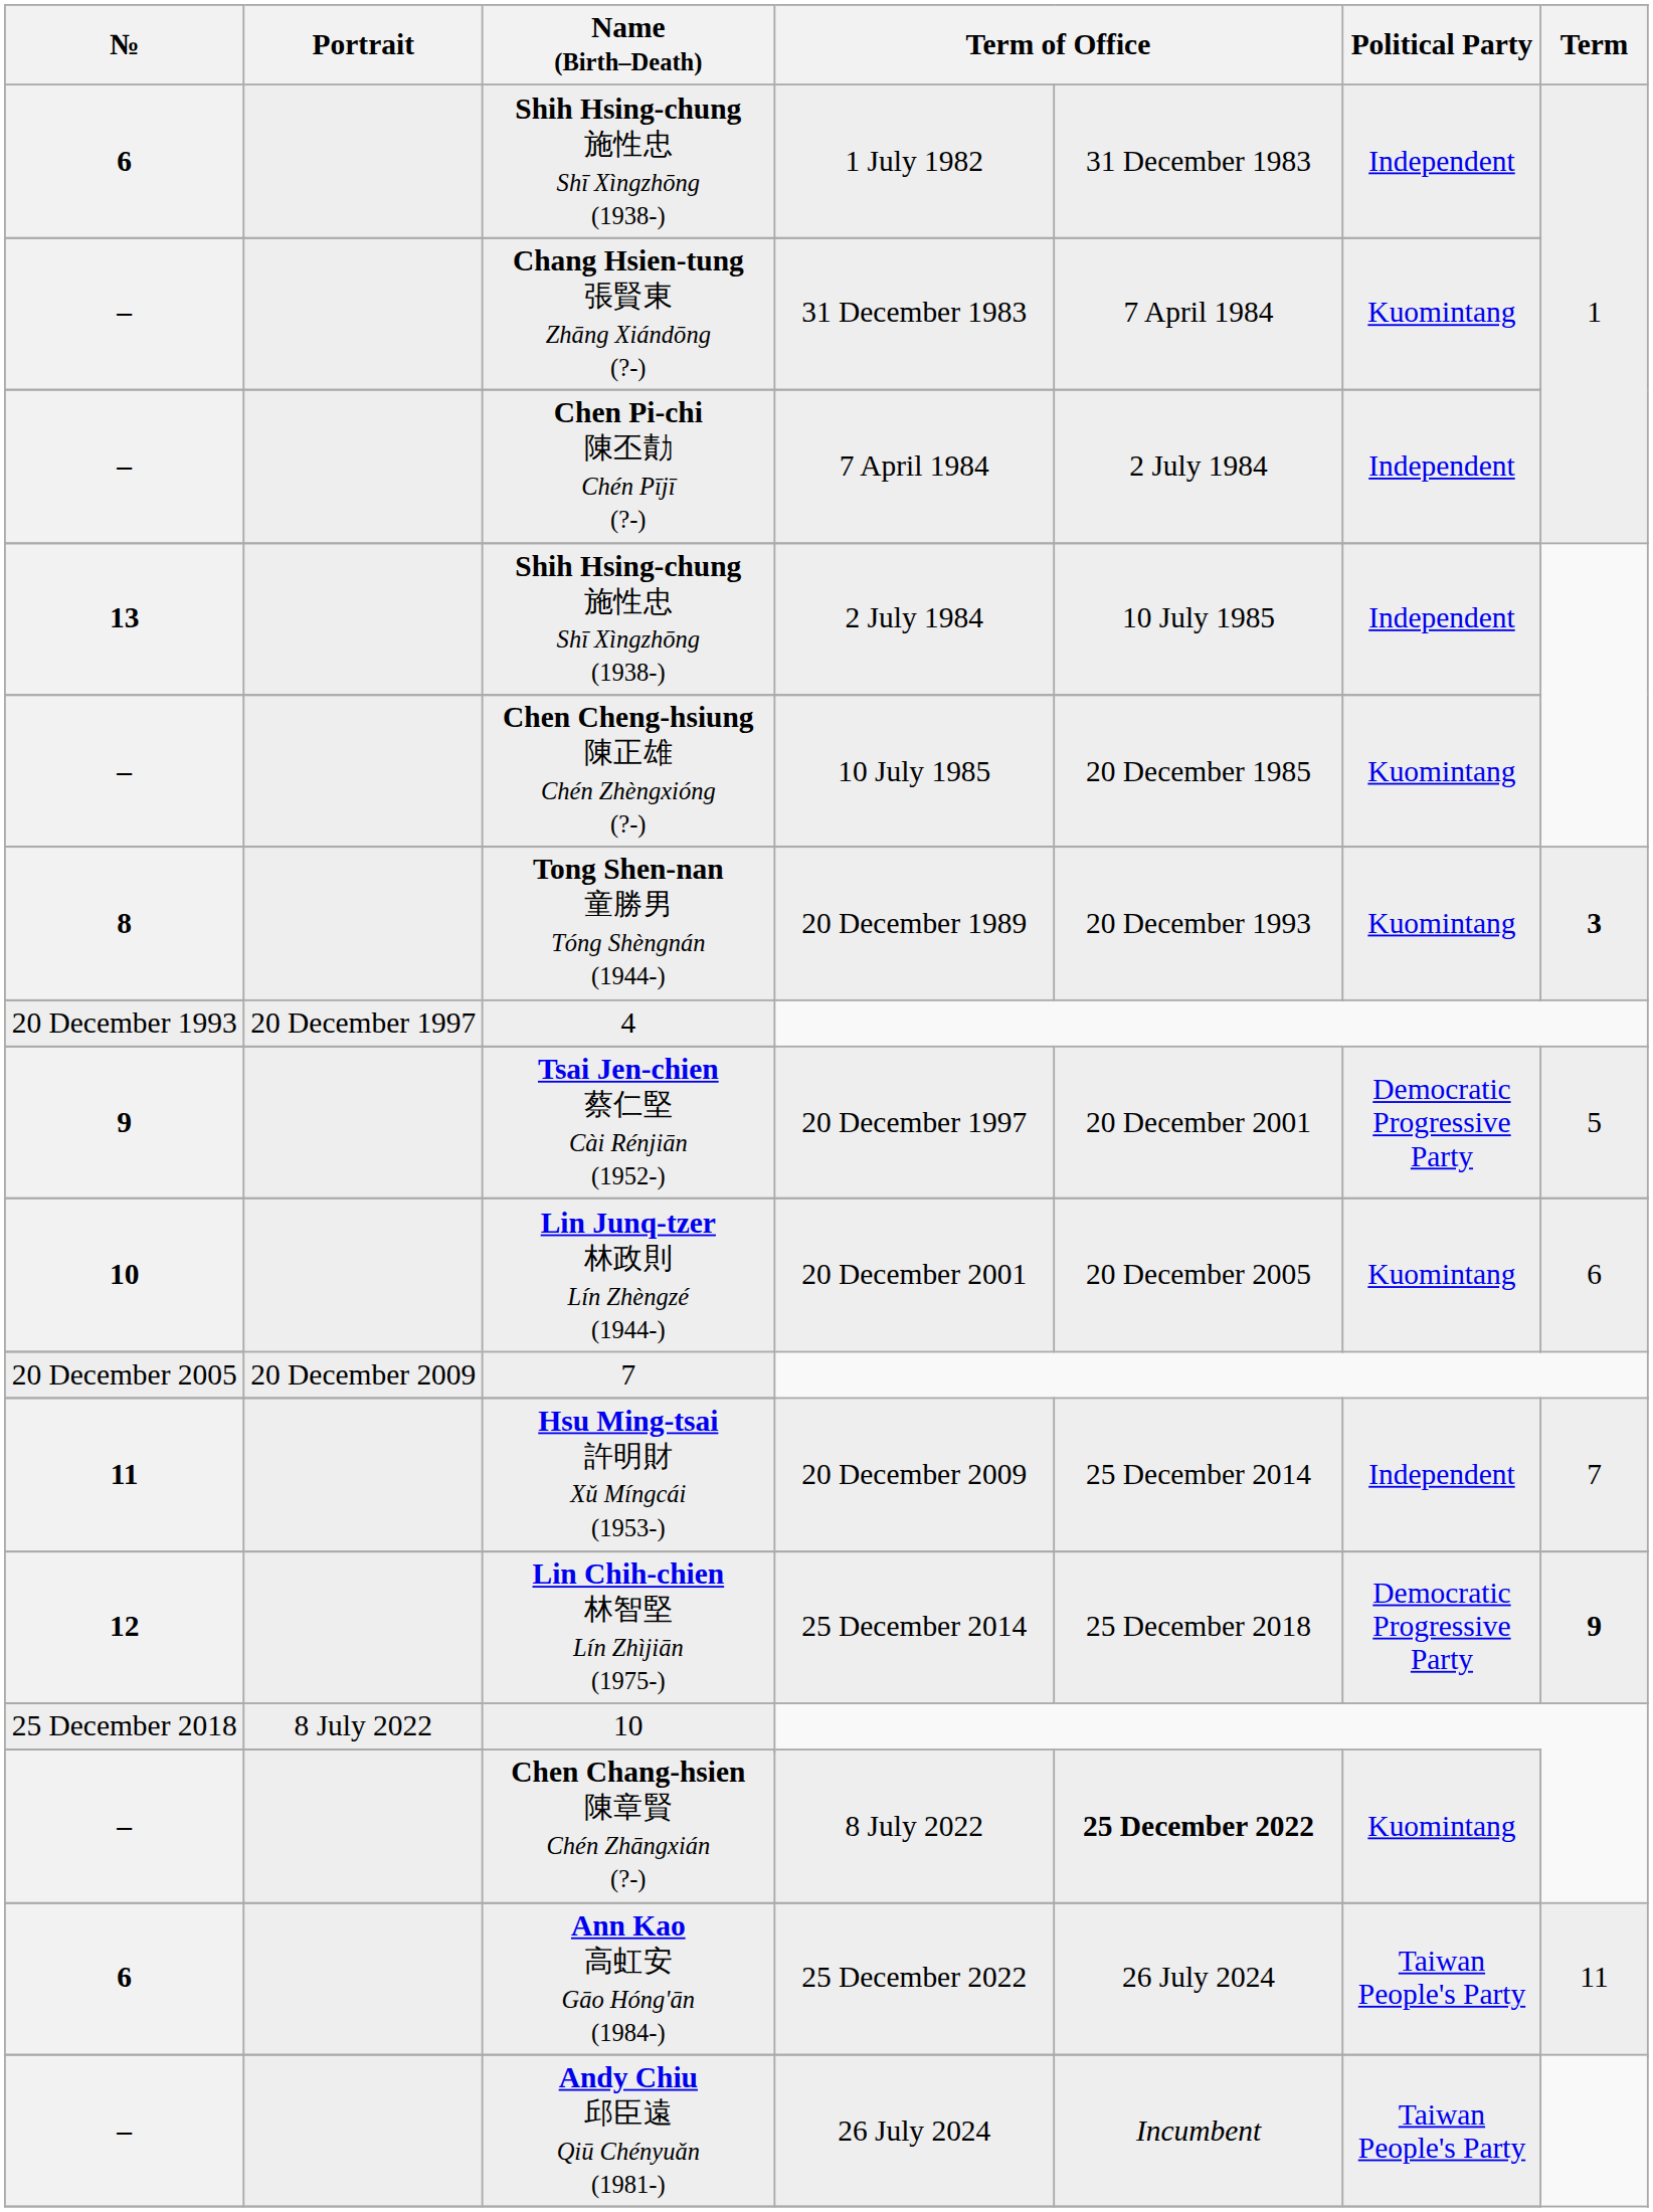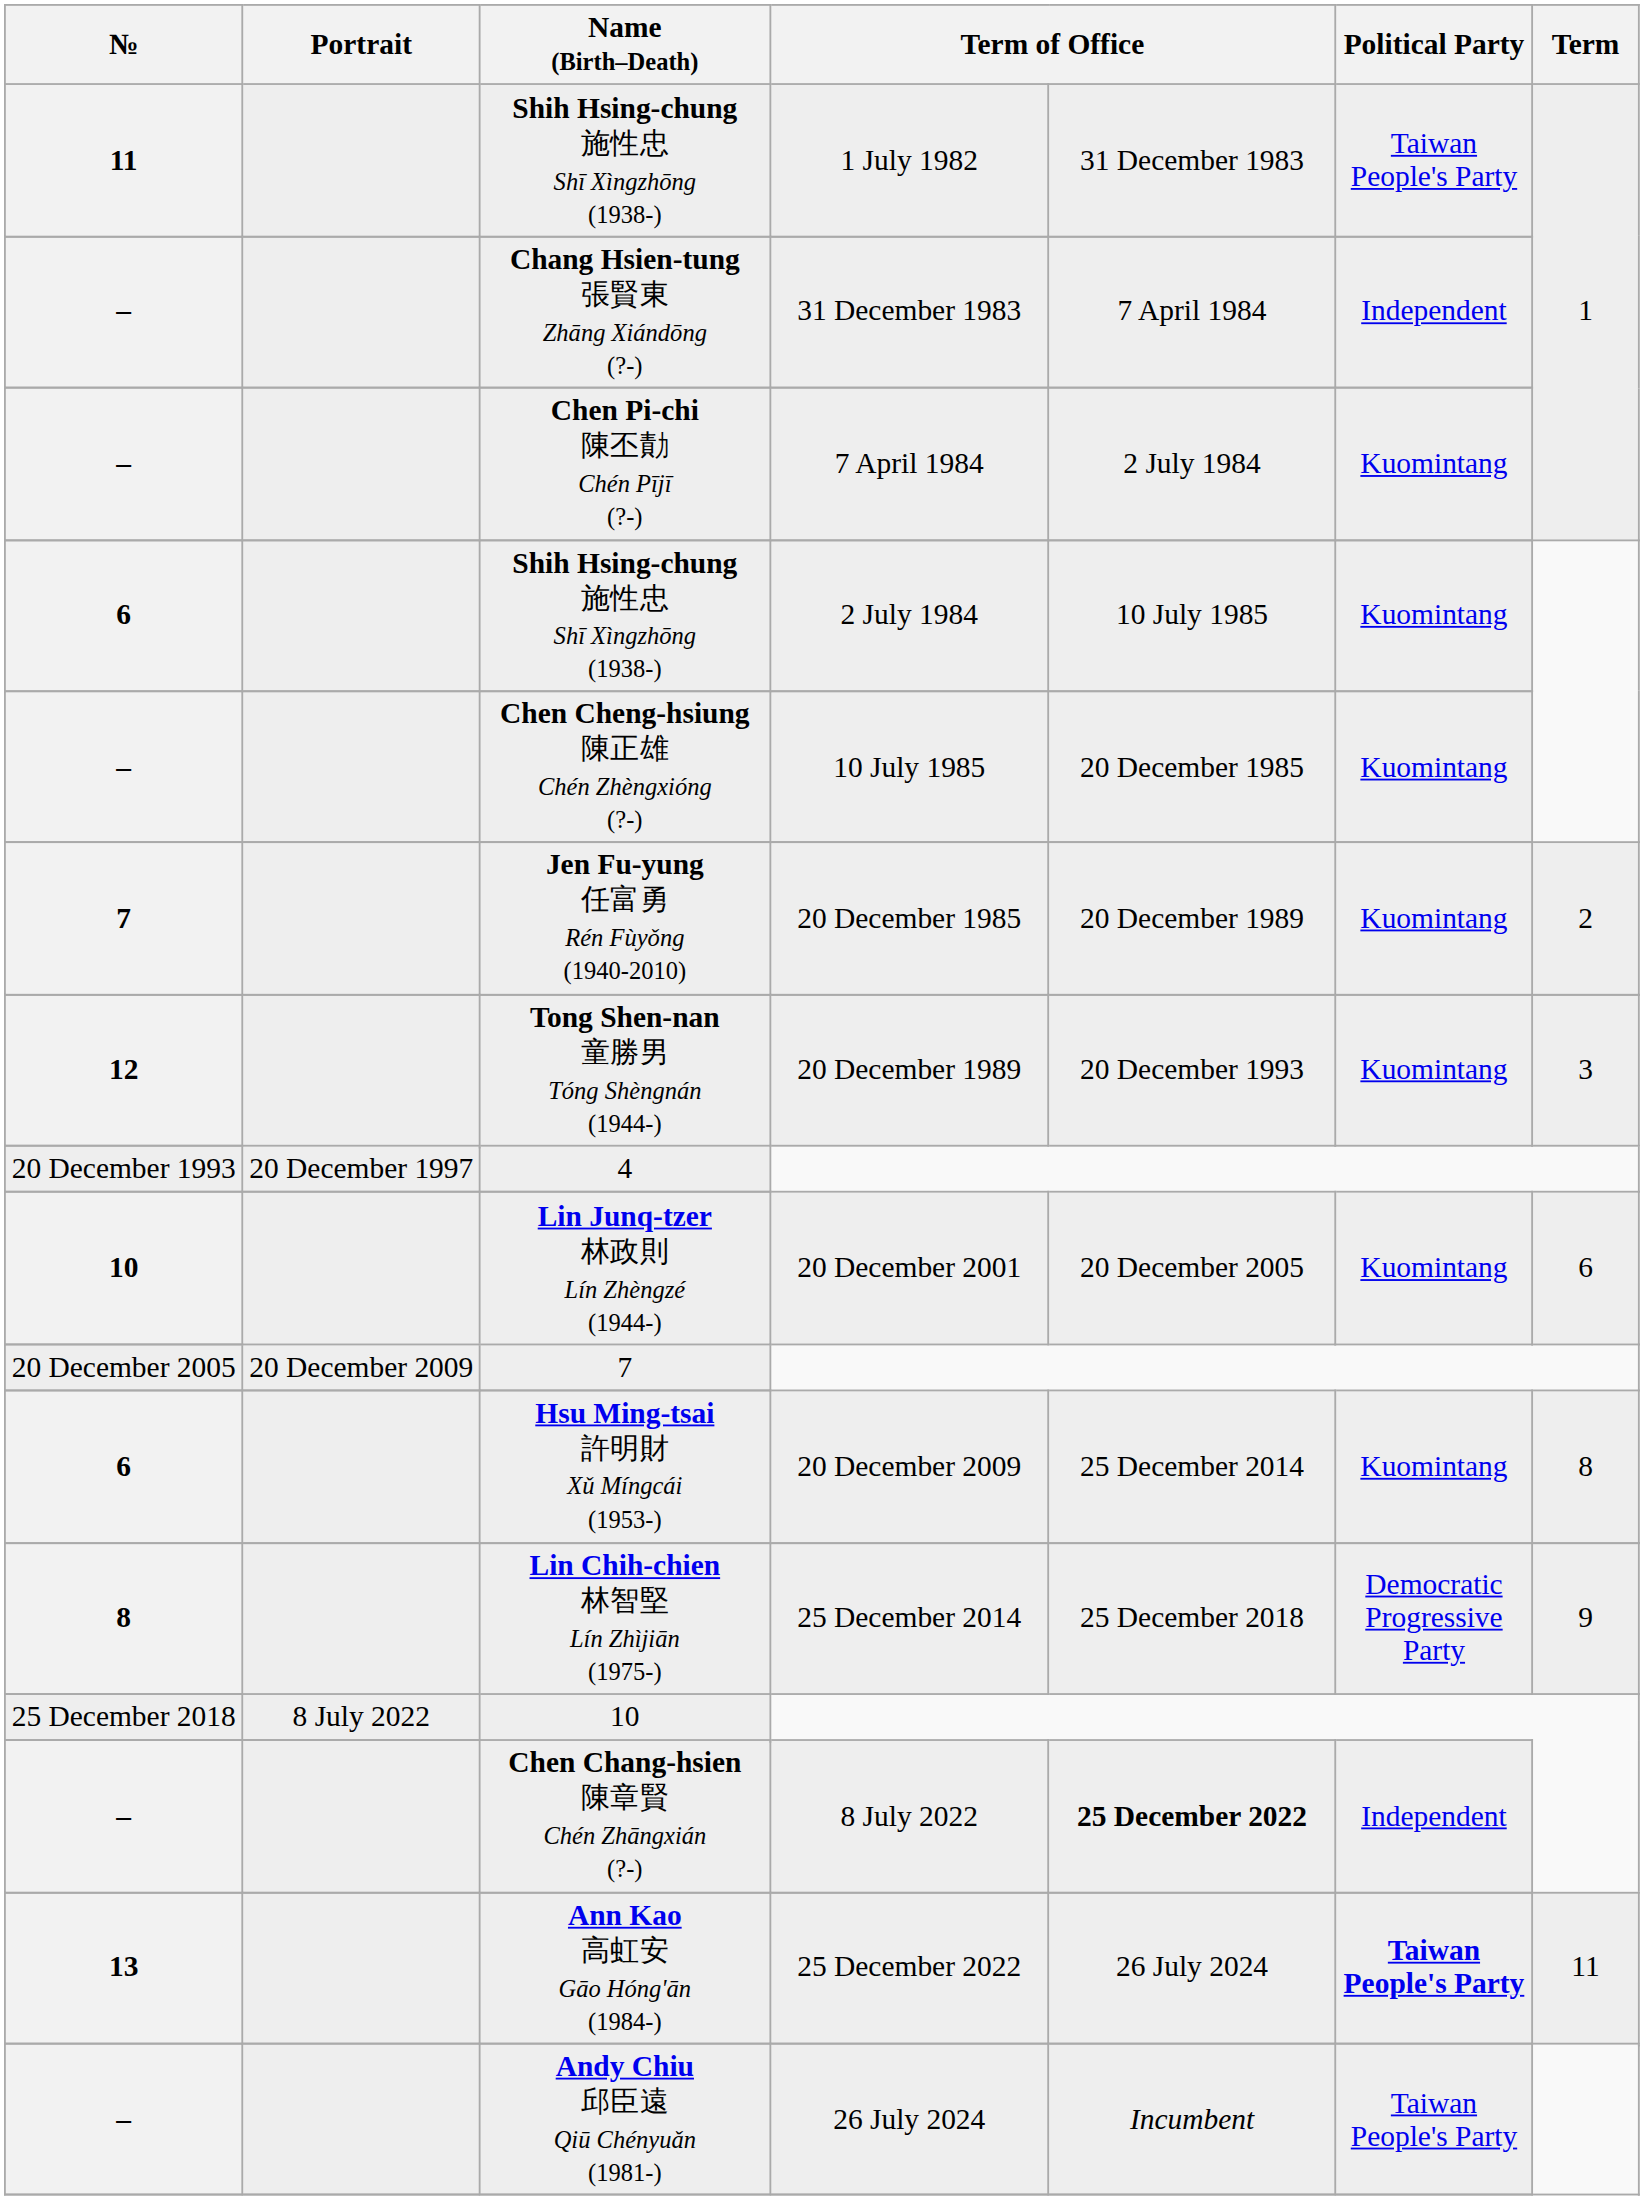 <table class="wikitable" style="text-align:center">
 <tr ->
 <th>№</th>
 <th>Portrait</th>
 <th width="150">Name<br><small>(Birth–Death)</small></th>
 <th colspan=2 width="300">Term of Office</th>
 <th width="100">Political Party</th>
 <th width = "50">Term</th>
 </tr>
 <tr - bgcolor=#EEEEEE>
-<th style="background:">6</th>
+<th style="background:">11</th>
 <td align=center></td>
 <td><strong>Shih Hsing-chung</strong><br><span>施性忠</span><br><small><em>Shī Xìngzhōng </em><br>(1938-)</small></td>
 <td>1 July 1982</td>
 <td>31 December 1983</td>
-<td><a href='#'>Independent</a></td>
+<td><a href='#'>Taiwan People's Party</a></td>
 <td rowspan=5>1</td>
 </tr>
 <tr ->
 </tr>
 <tr - bgcolor=#EEEEEE>
 <th style="background:">–</th>
 <td align=center></td>
 <td><strong>Chang Hsien-tung</strong><br><span>張賢東 </span><br><small><em>Zhāng Xiándōng  </em><br>(?-)</small></td>
 <td>31 December 1983</td>
 <td>7 April 1984</td>
-<td><a href='#'>Kuomintang</a></td>
+<td><a href='#'>Independent</a></td>
 </tr>
 <tr ->
 </tr>
 <tr - bgcolor=#EEEEEE>
 <th style="background:">–</th>
 <td align=center></td>
 <td><strong> Chen Pi-chi</strong><br><span>陳丕勣 </span><br><small><em> Chén Pījī </em><br>(?-)</small></td>
 <td>7 April 1984</td>
 <td>2 July 1984</td>
-<td><a href='#'>Independent</a></td>
+<td><a href='#'>Kuomintang</a></td>
 </tr>
 <tr ->
 </tr>
 <tr - bgcolor=#EEEEEE>
-<th style="background:">13</th>
+<th style="background:">6</th>
 <td align=center></td>
 <td><strong>Shih Hsing-chung</strong><br><span>施性忠</span><br><small><em>Shī Xìngzhōng </em><br>(1938-)</small></td>
 <td>2 July 1984</td>
 <td>10 July 1985</td>
-<td><a href='#'>Independent</a></td>
+<td><a href='#'>Kuomintang</a></td>
 </tr>
 <tr ->
 </tr>
 <tr - bgcolor=#EEEEEE>
 <th style="background:">–</th>
 <td align=center></td>
 <td><strong>Chen Cheng-hsiung</strong><br><span>陳正雄 </span><br><small><em>Chén Zhèngxióng </em><br>(?-)</small></td>
 <td>10 July 1985</td>
 <td>20 December 1985</td>
 <td><a href='#'>Kuomintang</a></td>
 </tr>
 <tr ->
 </tr>
+<tr - bgcolor=#EEEEEE>
+<th style="background:">7</th>
+<td align=center></td>
+<td><strong>Jen Fu-yung</strong><br><span>任富勇 </span><br><small><em> Rén Fùyǒng </em><br>(1940-2010)</small></td>
+<td>20 December 1985</td>
+<td>20 December 1989</td>
+<td><a href='#'>Kuomintang</a></td>
+<td>2</td>
+</tr>
 <tr ->
 </tr>
 <tr - bgcolor=#EEEEEE>
-<th style="background:">8</th>
+<th style="background:">12</th>
 <td rowspan=2 align=center></td>
 <td rowspan=2><strong>Tong Shen-nan</strong><br><span>童勝男 </span><br><small><em> Tóng Shèngnán </em><br>(1944-)</small></td>
 <td>20 December 1989</td>
 <td>20 December 1993</td>
 <td rowspan=2><a href='#'>Kuomintang</a></td>
-<td><strong>3</strong></td>
+<td>3</td>
 </tr>
 <tr ->
 </tr>
 <tr - bgcolor=#EEEEEE>
 <td>20 December 1993</td>
 <td>20 December 1997</td>
 <td>4</td>
 </tr>
 <tr ->
-</tr>
-<tr - bgcolor=#EEEEEE>
-<th style="background:">9</th>
-<td align=center></td>
-<td><strong><a href='#'>Tsai Jen-chien</a></strong><br><span>蔡仁堅 </span><br><small><em> Cài Rénjiān </em><br>(1952-)</small></td>
-<td>20 December 1997</td>
-<td>20 December 2001</td>
-<td><a href='#'>Democratic Progressive Party</a></td>
-<td>5</td>
 </tr>
 <tr ->
 </tr>
 <tr - bgcolor=#EEEEEE>
 <th style="background:">10</th>
 <td rowspan=2 align=center></td>
 <td rowspan=2><strong><a href='#'>Lin Junq-tzer</a></strong><br><span>林政則 </span><br><small><em> Lín Zhèngzé </em><br>(1944-)</small></td>
 <td>20 December 2001</td>
 <td>20 December 2005</td>
 <td rowspan=2><a href='#'>Kuomintang</a></td>
 <td>6</td>
 </tr>
 <tr ->
 </tr>
 <tr - bgcolor=#EEEEEE>
 <td>20 December 2005</td>
 <td>20 December 2009</td>
 <td>7</td>
 </tr>
 <tr ->
 </tr>
 <tr - bgcolor=#EEEEEE>
-<th style="background:">11</th>
+<th style="background:">6</th>
 <td align=center></td>
 <td><strong><a href='#'>Hsu Ming-tsai</a></strong><br><span>許明財 </span><br><small><em> Xǔ Míngcái </em><br>(1953-)</small></td>
 <td>20 December 2009</td>
 <td>25 December 2014</td>
-<td><a href='#'>Independent</a></td>
-<td>7</td>
+<td><a href='#'>Kuomintang</a></td>
+<td>8</td>
 </tr>
 <tr ->
 </tr>
 <tr - bgcolor=#EEEEEE>
-<th style="background:">12</th>
+<th style="background:">8</th>
 <td align=center rowspan=2></td>
 <td rowspan=2><strong><a href='#'>Lin Chih-chien</a></strong><br><span>林智堅 </span><br><small><em> Lín Zhìjiān </em><br>(1975-)</small></td>
 <td>25 December 2014</td>
 <td>25 December 2018</td>
 <td rowspan=2><a href='#'>Democratic Progressive Party</a></td>
-<td><strong>9</strong></td>
+<td>9</td>
 </tr>
 <tr>
 </tr>
 <tr - bgcolor=#EEEEEE>
 <td>25 December 2018</td>
 <td>8 July 2022</td>
 <td rowspan=2>10</td>
 </tr>
 <tr>
 </tr>
 <tr - bgcolor=#EEEEEE>
 <th style="background:">–</th>
 <td align=center></td>
 <td><strong>Chen Chang-hsien</strong><br><span>陳章賢 </span><br><small><em>Chén Zhāngxián  </em><br>(?-)</small></td>
 <td>8 July 2022</td>
 <td><strong>25 December 2022</strong></td>
-<td><a href='#'>Kuomintang</a></td>
+<td><a href='#'>Independent</a></td>
 </tr>
 <tr>
 </tr>
 <tr - bgcolor=#EEEEEE>
-<th style="background:">6</th>
+<th style="background:">13</th>
 <td align=center></td>
 <td><strong><a href='#'>Ann Kao</a></strong><br><span>高虹安 </span><br><small><em> Gāo Hóng'ān </em><br>(1984-)</small></td>
 <td>25 December 2022</td>
 <td>26 July 2024</td>
-<td><a href='#'>Taiwan People's Party</a></td>
+<td><strong><a href='#'>Taiwan People's Party</a></strong></td>
 <td rowspan=2>11</td>
 </tr>
 <tr ->
 </tr>
 <tr>
 </tr>
 <tr - bgcolor=#EEEEEE>
 <th style="background:">–</th>
 <td align=center></td>
 <td><strong><a href='#'>Andy Chiu</a></strong><br><span>邱臣遠 </span><br><small><em>Qiū Chényuǎn</em><br>(1981-)</small></td>
 <td>26 July 2024</td>
 <td><em>Incumbent</em></td>
 <td><a href='#'>Taiwan People's Party</a></td>
 </tr>
 <tr ->
 </tr>
 </table>
